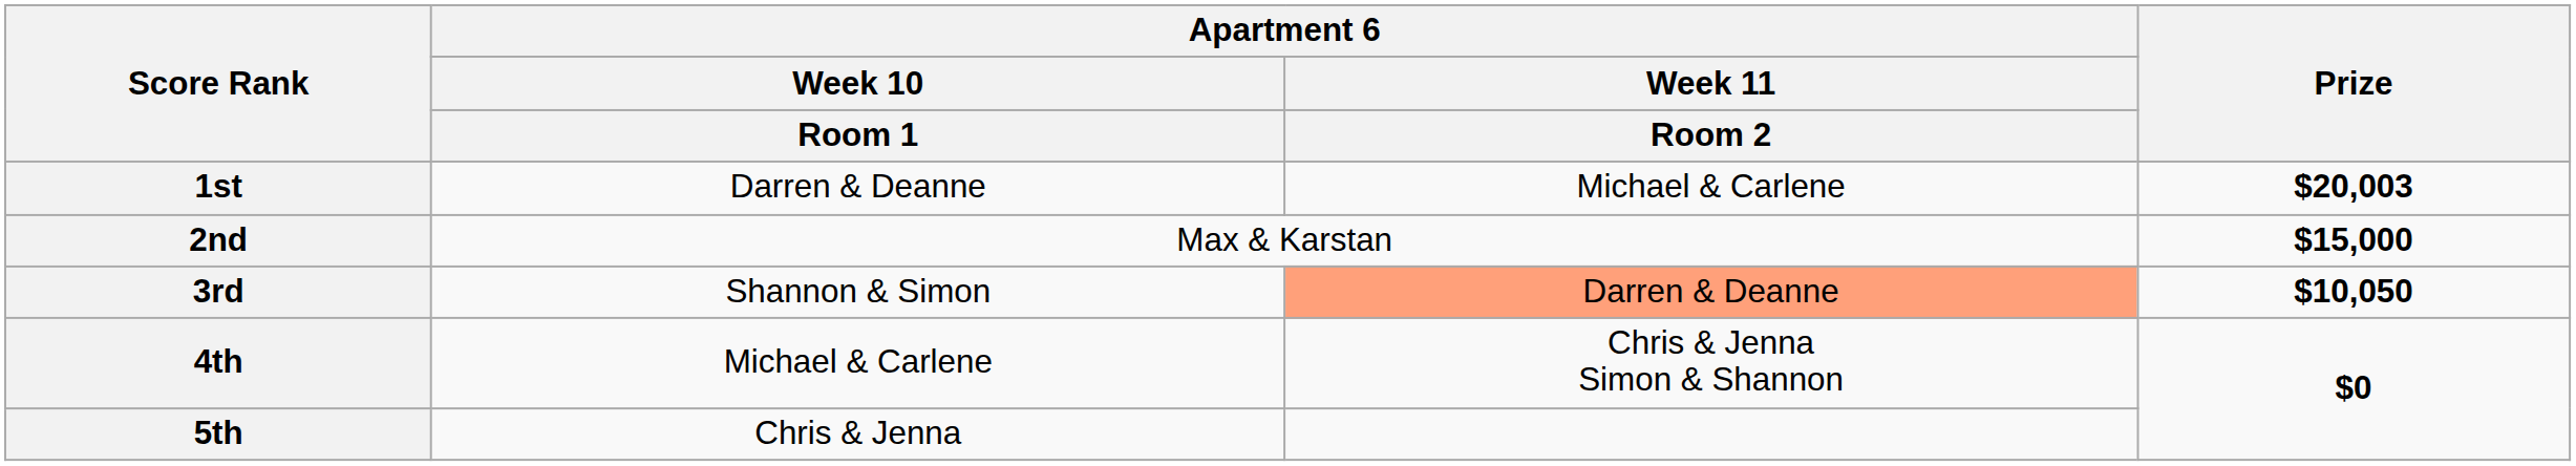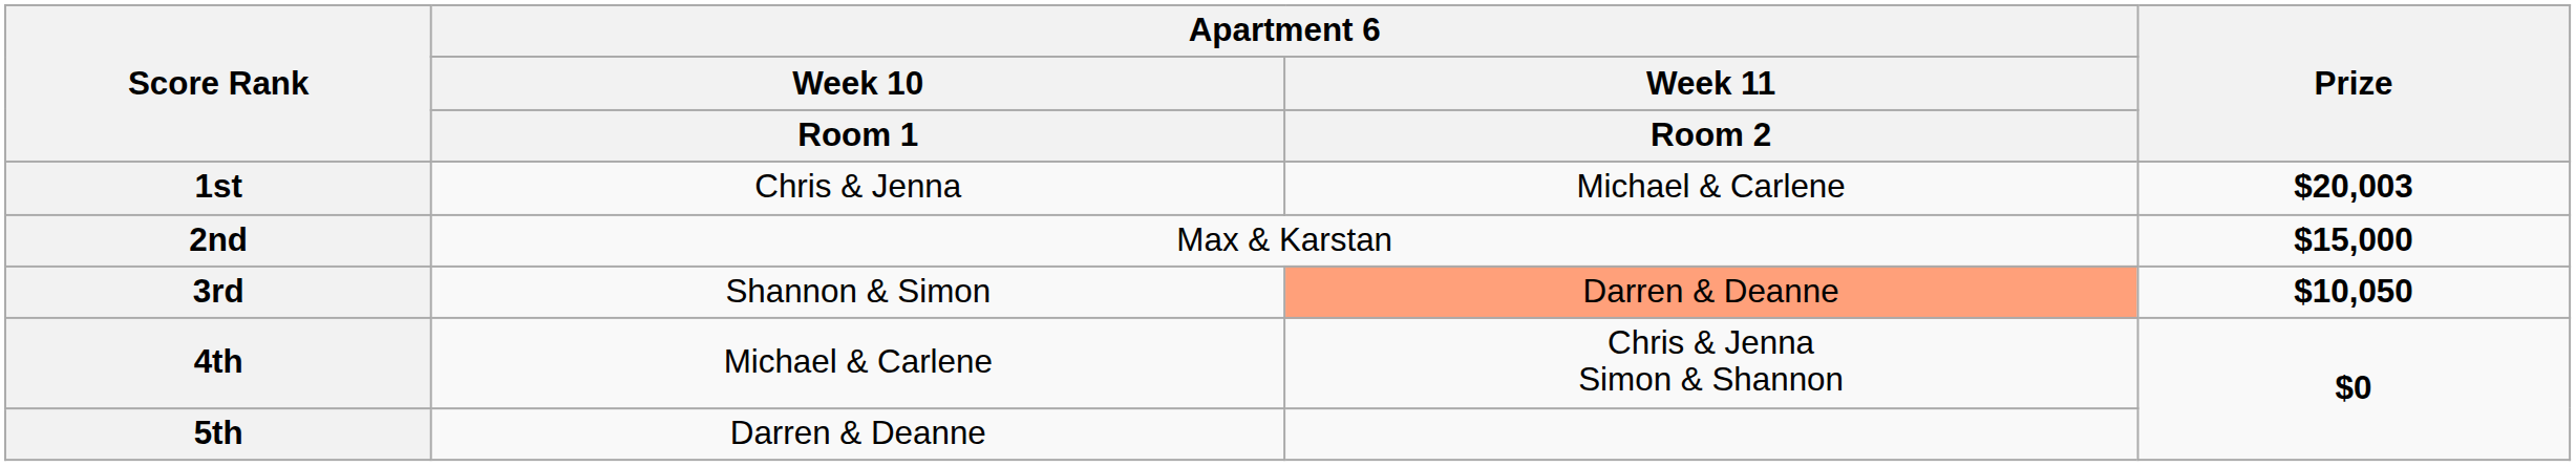 <table class="wikitable" style="text-align: center;">
 <tr>
 <th scope="col" rowspan="3" style="width:5%;">Score Rank</th>
 <th scope="col" colspan="2" style="width:20%;">Apartment 6</th>
 <th scope="col" rowspan="3" style="width:5%;">Prize</th>
 </tr>
 <tr>
 <th scope="col" style="width:10%;">Week 10</th>
 <th scope="col" style="width:10%;">Week 11</th>
 </tr>
 <tr>
 <th scope="col" style="width:10%;">Room 1</th>
 <th scope="col" style="width:10%;">Room 2</th>
 </tr>
 <tr>
 <th>1st</th>
-<td>Darren & Deanne</td>
+<td>Chris & Jenna</td>
 <td>Michael & Carlene</td>
 <td><strong>$20,003</strong></td>
 </tr>
 <tr>
 <th>2nd</th>
 <td colspan="2">Max & Karstan</td>
 <td><strong>$15,000</strong></td>
 </tr>
 <tr>
 <th>3rd</th>
 <td>Shannon & Simon</td>
 <td style="background: lightsalmon;">Darren & Deanne</td>
 <td><strong>$10,050</strong></td>
 </tr>
 <tr>
 <th>4th</th>
 <td>Michael & Carlene</td>
 <td>Chris & Jenna<br>Simon & Shannon</td>
 <td rowspan="2"><strong>$0</strong></td>
 </tr>
 <tr>
 <th>5th</th>
-<td>Chris & Jenna</td>
+<td>Darren & Deanne</td>
 <td></td>
 </tr>
 </table>
